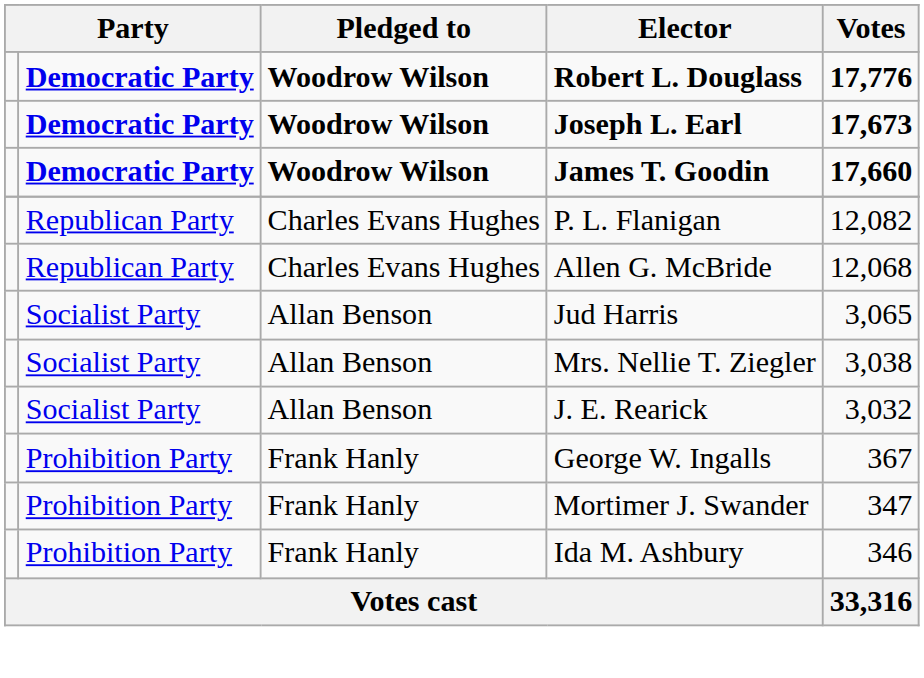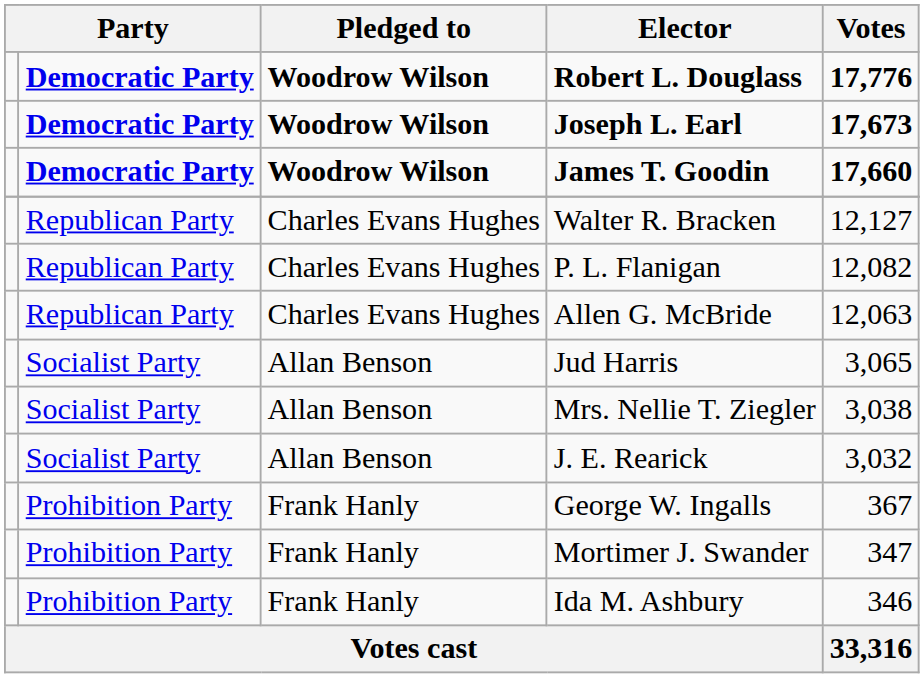 <table class="wikitable">
 <tr>
 <th colspan=2>Party</th>
 <th>Pledged to</th>
 <th>Elector</th>
 <th>Votes</th>
 </tr>
 <tr style="font-weight:bold">
 <td></td>
 <td><a href='#'>Democratic Party</a></td>
 <td>Woodrow Wilson</td>
 <td>Robert L. Douglass</td>
 <td align="right">17,776</td>
 </tr>
 <tr style="font-weight:bold">
 <td></td>
 <td><a href='#'>Democratic Party</a></td>
 <td>Woodrow Wilson</td>
 <td>Joseph L. Earl</td>
 <td align="right">17,673</td>
 </tr>
 <tr style="font-weight:bold">
 <td></td>
 <td><a href='#'>Democratic Party</a></td>
 <td>Woodrow Wilson</td>
 <td>James T. Goodin</td>
 <td align="right">17,660</td>
 </tr>
 <tr style="font-weight:bold">
 </tr>
 <tr>
 <td></td>
 <td><a href='#'>Republican Party</a></td>
 <td>Charles Evans Hughes</td>
+<td>Walter R. Bracken</td>
+<td align="right">12,127</td>
+</tr>
+<tr>
+<td></td>
+<td><a href='#'>Republican Party</a></td>
+<td>Charles Evans Hughes</td>
 <td>P. L. Flanigan</td>
 <td align="right">12,082</td>
 </tr>
 <tr>
 <td></td>
 <td><a href='#'>Republican Party</a></td>
 <td>Charles Evans Hughes</td>
 <td>Allen G. McBride</td>
-<td align="right">12,068</td>
+<td align="right">12,063</td>
 </tr>
 <tr>
 <td></td>
 <td><a href='#'>Socialist Party</a></td>
 <td>Allan Benson</td>
 <td>Jud Harris</td>
 <td align="right">3,065</td>
 </tr>
 <tr>
 <td></td>
 <td><a href='#'>Socialist Party</a></td>
 <td>Allan Benson</td>
 <td>Mrs. Nellie T. Ziegler</td>
 <td align="right">3,038</td>
 </tr>
 <tr>
 <td></td>
 <td><a href='#'>Socialist Party</a></td>
 <td>Allan Benson</td>
 <td>J. E. Rearick</td>
 <td align="right">3,032</td>
 </tr>
 <tr>
 <td></td>
 <td><a href='#'>Prohibition Party</a></td>
 <td>Frank Hanly</td>
 <td>George W. Ingalls</td>
 <td align="right">367</td>
 </tr>
 <tr>
 <td></td>
 <td><a href='#'>Prohibition Party</a></td>
 <td>Frank Hanly</td>
 <td>Mortimer J. Swander</td>
 <td align="right">347</td>
 </tr>
 <tr>
 <td></td>
 <td><a href='#'>Prohibition Party</a></td>
 <td>Frank Hanly</td>
 <td>Ida M. Ashbury</td>
 <td align="right">346</td>
 </tr>
 <tr>
 <th colspan="4">Votes cast</th>
 <th>33,316</th>
 </tr>
 </table>
